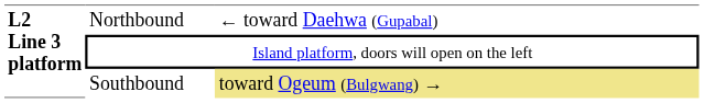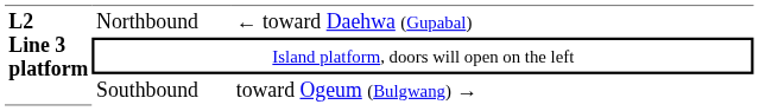 <table table border=0 cellspacing=0 cellpadding=3>
 <tr>
 <td style="border-top:solid 1px gray;border-bottom:solid 1px gray;" width=50 rowspan=10 valign=top><strong>L2<br>Line 3 platform</strong></td>
 <td style="border-bottom:solid 0px gray;border-top:solid 1px gray;" width=100>Northbound</td>
 <td style="border-bottom:solid 0px gray;border-top:solid 1px gray;" width=390>←  toward <a href='#'>Daehwa</a> <small>(<a href='#'>Gupabal</a>)</small></td>
 </tr>
 <tr>
 <td style="border-top:solid 2px black;border-right:solid 2px black;border-left:solid 2px black;border-bottom:solid 2px black;text-align:center;" colspan=2><small><a href='#'>Island platform</a>, doors will open on the left</small></td>
 </tr>
 <tr>
 <td>Southbound</td>
-<td style="background: khaki;">  toward <a href='#'>Ogeum</a> <small>(<a href='#'>Bulgwang</a>)</small> →</td>
+<td>  toward <a href='#'>Ogeum</a> <small>(<a href='#'>Bulgwang</a>)</small> →</td>
 </tr>
 </table>
